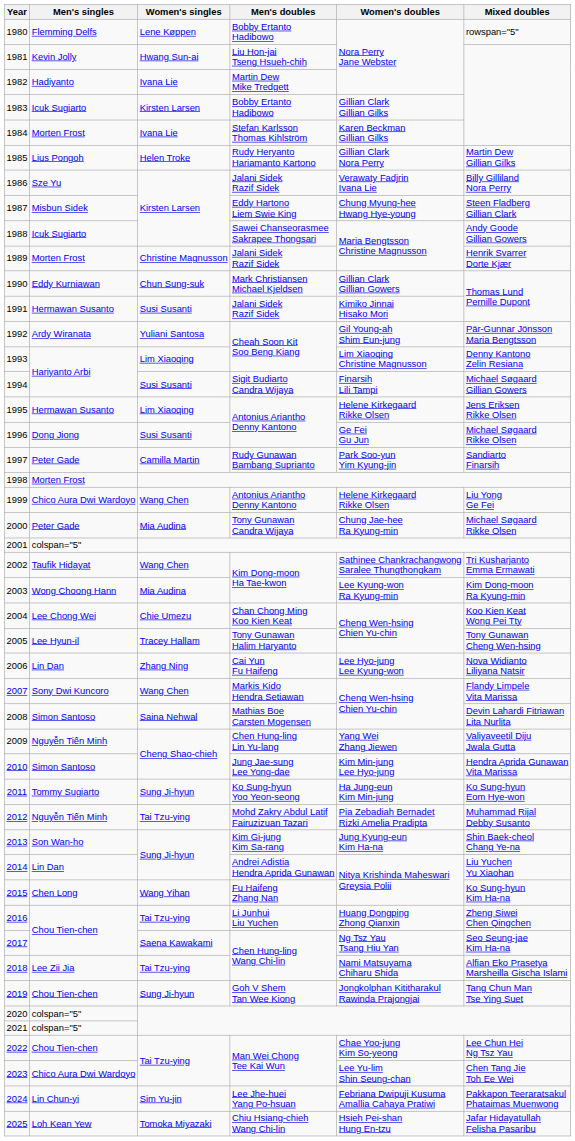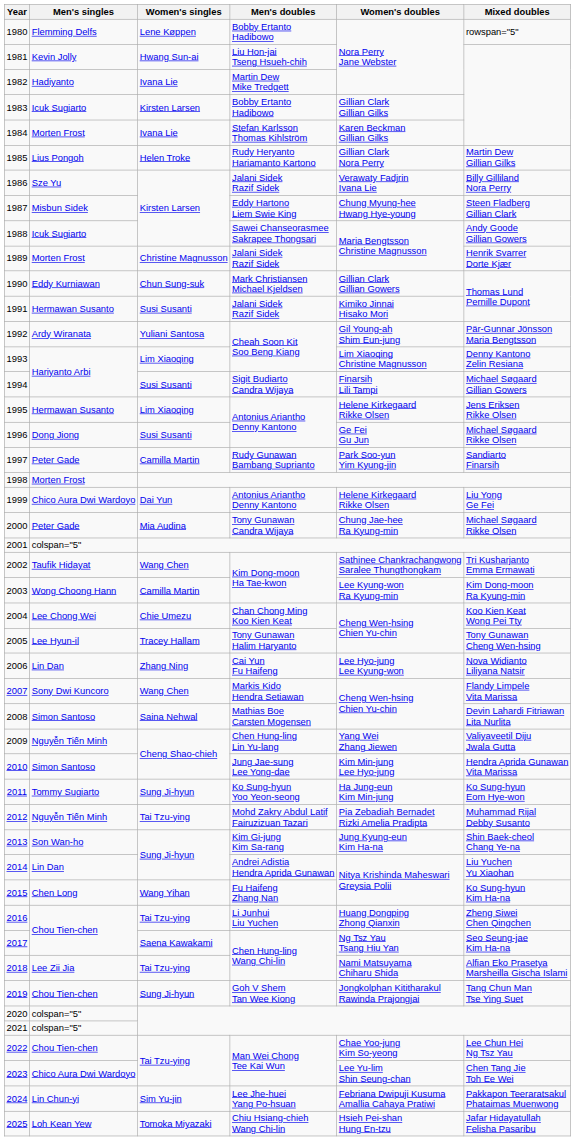 <table class="wikitable" style="font-size:90%">
 <tr>
 <th>Year</th>
 <th>Men's singles</th>
 <th>Women's singles</th>
 <th>Men's doubles</th>
 <th>Women's doubles</th>
 <th>Mixed doubles</th>
 </tr>
 <tr>
 <td align="center">1980</td>
 <td> <a href='#'>Flemming Delfs</a></td>
 <td> <a href='#'>Lene Køppen</a></td>
 <td> <a href='#'>Bobby Ertanto</a><br> <a href='#'>Hadibowo</a></td>
 <td rowspan="3"> <a href='#'>Nora Perry</a><br> <a href='#'>Jane Webster</a></td>
 <td>rowspan="5" </td>
 </tr>
 <tr>
 <td align="center">1981</td>
 <td> <a href='#'>Kevin Jolly</a></td>
 <td> <a href='#'>Hwang Sun-ai</a></td>
 <td> <a href='#'>Liu Hon-jai</a><br> <a href='#'>Tseng Hsueh-chih</a></td>
 </tr>
 <tr>
 <td align="center">1982</td>
 <td> <a href='#'>Hadiyanto</a></td>
 <td> <a href='#'>Ivana Lie</a></td>
 <td> <a href='#'>Martin Dew</a><br> <a href='#'>Mike Tredgett</a></td>
 </tr>
 <tr>
 <td align="center">1983</td>
 <td> <a href='#'>Icuk Sugiarto</a></td>
 <td> <a href='#'>Kirsten Larsen</a></td>
 <td> <a href='#'>Bobby Ertanto</a><br> <a href='#'>Hadibowo</a></td>
 <td> <a href='#'>Gillian Clark</a><br> <a href='#'>Gillian Gilks</a></td>
 </tr>
 <tr>
 <td align="center">1984</td>
 <td> <a href='#'>Morten Frost</a></td>
 <td> <a href='#'>Ivana Lie</a></td>
 <td> <a href='#'>Stefan Karlsson</a><br> <a href='#'>Thomas Kihlström</a></td>
 <td> <a href='#'>Karen Beckman</a><br> <a href='#'>Gillian Gilks</a></td>
 </tr>
 <tr>
 <td align="center">1985</td>
 <td> <a href='#'>Lius Pongoh</a></td>
 <td> <a href='#'>Helen Troke</a></td>
 <td> <a href='#'>Rudy Heryanto</a><br> <a href='#'>Hariamanto Kartono</a></td>
 <td> <a href='#'>Gillian Clark</a><br> <a href='#'>Nora Perry</a></td>
 <td> <a href='#'>Martin Dew</a><br> <a href='#'>Gillian Gilks</a></td>
 </tr>
 <tr>
 <td align="center">1986</td>
 <td> <a href='#'>Sze Yu</a></td>
 <td rowspan="3"> <a href='#'>Kirsten Larsen</a></td>
 <td> <a href='#'>Jalani Sidek</a><br> <a href='#'>Razif Sidek</a></td>
 <td> <a href='#'>Verawaty Fadjrin</a><br> <a href='#'>Ivana Lie</a></td>
 <td> <a href='#'>Billy Gilliland</a><br> <a href='#'>Nora Perry</a></td>
 </tr>
 <tr>
 <td align="center">1987</td>
 <td> <a href='#'>Misbun Sidek</a></td>
 <td> <a href='#'>Eddy Hartono</a><br> <a href='#'>Liem Swie King</a></td>
 <td> <a href='#'>Chung Myung-hee</a><br> <a href='#'>Hwang Hye-young</a></td>
 <td> <a href='#'>Steen Fladberg</a><br> <a href='#'>Gillian Clark</a></td>
 </tr>
 <tr>
 <td align="center">1988</td>
 <td> <a href='#'>Icuk Sugiarto</a></td>
 <td> <a href='#'>Sawei Chanseorasmee</a><br> <a href='#'>Sakrapee Thongsari</a></td>
 <td rowspan="2"> <a href='#'>Maria Bengtsson</a><br> <a href='#'>Christine Magnusson</a></td>
 <td> <a href='#'>Andy Goode</a><br> <a href='#'>Gillian Gowers</a></td>
 </tr>
 <tr>
 <td align="center">1989</td>
 <td> <a href='#'>Morten Frost</a></td>
 <td> <a href='#'>Christine Magnusson</a></td>
 <td> <a href='#'>Jalani Sidek</a><br> <a href='#'>Razif Sidek</a></td>
 <td> <a href='#'>Henrik Svarrer</a><br> <a href='#'>Dorte Kjær</a></td>
 </tr>
 <tr>
 <td align="center">1990</td>
 <td> <a href='#'>Eddy Kurniawan</a></td>
 <td> <a href='#'>Chun Sung-suk</a></td>
 <td> <a href='#'>Mark Christiansen</a><br> <a href='#'>Michael Kjeldsen</a></td>
 <td> <a href='#'>Gillian Clark</a><br> <a href='#'>Gillian Gowers</a></td>
 <td rowspan="2"> <a href='#'>Thomas Lund</a><br> <a href='#'>Pernille Dupont</a></td>
 </tr>
 <tr>
 <td align="center">1991</td>
 <td> <a href='#'>Hermawan Susanto</a></td>
 <td> <a href='#'>Susi Susanti</a></td>
 <td> <a href='#'>Jalani Sidek</a><br> <a href='#'>Razif Sidek</a></td>
 <td> <a href='#'>Kimiko Jinnai</a><br> <a href='#'>Hisako Mori</a></td>
 </tr>
 <tr>
 <td align="center">1992</td>
 <td> <a href='#'>Ardy Wiranata</a></td>
 <td> <a href='#'>Yuliani Santosa</a></td>
 <td rowspan="2"> <a href='#'>Cheah Soon Kit</a><br> <a href='#'>Soo Beng Kiang</a></td>
 <td> <a href='#'>Gil Young-ah</a><br> <a href='#'>Shim Eun-jung</a></td>
 <td> <a href='#'>Pär-Gunnar Jönsson</a><br> <a href='#'>Maria Bengtsson</a></td>
 </tr>
 <tr>
 <td align="center">1993</td>
 <td rowspan="2"> <a href='#'>Hariyanto Arbi</a></td>
 <td> <a href='#'>Lim Xiaoqing</a></td>
 <td> <a href='#'>Lim Xiaoqing</a><br> <a href='#'>Christine Magnusson</a></td>
 <td> <a href='#'>Denny Kantono</a><br> <a href='#'>Zelin Resiana</a></td>
 </tr>
 <tr>
 <td align="center">1994</td>
 <td> <a href='#'>Susi Susanti</a></td>
 <td> <a href='#'>Sigit Budiarto</a><br> <a href='#'>Candra Wijaya</a></td>
 <td> <a href='#'>Finarsih</a><br> <a href='#'>Lili Tampi</a></td>
 <td> <a href='#'>Michael Søgaard</a><br> <a href='#'>Gillian Gowers</a></td>
 </tr>
 <tr>
 <td align="center">1995</td>
 <td> <a href='#'>Hermawan Susanto</a></td>
 <td> <a href='#'>Lim Xiaoqing</a></td>
 <td rowspan="2"> <a href='#'>Antonius Ariantho</a><br> <a href='#'>Denny Kantono</a></td>
 <td> <a href='#'>Helene Kirkegaard</a><br> <a href='#'>Rikke Olsen</a></td>
 <td> <a href='#'>Jens Eriksen</a><br> <a href='#'>Rikke Olsen</a></td>
 </tr>
 <tr>
 <td align="center">1996</td>
 <td> <a href='#'>Dong Jiong</a></td>
 <td> <a href='#'>Susi Susanti</a></td>
 <td> <a href='#'>Ge Fei</a><br> <a href='#'>Gu Jun</a></td>
 <td> <a href='#'>Michael Søgaard</a><br> <a href='#'>Rikke Olsen</a></td>
 </tr>
 <tr>
 <td align="center">1997</td>
 <td> <a href='#'>Peter Gade</a></td>
 <td> <a href='#'>Camilla Martin</a></td>
 <td> <a href='#'>Rudy Gunawan</a><br> <a href='#'>Bambang Suprianto</a></td>
 <td> <a href='#'>Park Soo-yun</a><br> <a href='#'>Yim Kyung-jin</a></td>
 <td> <a href='#'>Sandiarto</a><br> <a href='#'>Finarsih</a></td>
 </tr>
 <tr>
 <td align="center">1998</td>
 <td> <a href='#'>Morten Frost</a></td>
 </tr>
 <tr>
 <td align="center">1999</td>
 <td> <a href='#'>Chico Aura Dwi Wardoyo</a></td>
-<td> <a href='#'>Wang Chen</a></td>
+<td> <a href='#'>Dai Yun</a></td>
 <td> <a href='#'>Antonius Ariantho</a><br> <a href='#'>Denny Kantono</a></td>
 <td> <a href='#'>Helene Kirkegaard</a><br> <a href='#'>Rikke Olsen</a></td>
 <td> <a href='#'>Liu Yong</a><br> <a href='#'>Ge Fei</a></td>
 </tr>
 <tr>
 <td align="center">2000</td>
 <td> <a href='#'>Peter Gade</a></td>
 <td> <a href='#'>Mia Audina</a></td>
 <td> <a href='#'>Tony Gunawan</a><br> <a href='#'>Candra Wijaya</a></td>
 <td> <a href='#'>Chung Jae-hee</a><br> <a href='#'>Ra Kyung-min</a></td>
 <td> <a href='#'>Michael Søgaard</a><br> <a href='#'>Rikke Olsen</a></td>
 </tr>
 <tr>
 <td align="center">2001</td>
 <td>colspan="5" </td>
 </tr>
 <tr>
 <td align="center">2002</td>
 <td> <a href='#'>Taufik Hidayat</a></td>
 <td> <a href='#'>Wang Chen</a></td>
 <td rowspan="2"> <a href='#'>Kim Dong-moon</a><br> <a href='#'>Ha Tae-kwon</a></td>
 <td> <a href='#'>Sathinee Chankrachangwong</a><br> <a href='#'>Saralee Thungthongkam</a></td>
 <td> <a href='#'>Tri Kusharjanto</a><br> <a href='#'>Emma Ermawati</a></td>
 </tr>
 <tr>
 <td align="center">2003</td>
 <td> <a href='#'>Wong Choong Hann</a></td>
-<td> <a href='#'>Mia Audina</a></td>
+<td> <a href='#'>Camilla Martin</a></td>
 <td> <a href='#'>Lee Kyung-won</a><br> <a href='#'>Ra Kyung-min</a></td>
 <td> <a href='#'>Kim Dong-moon</a><br> <a href='#'>Ra Kyung-min</a></td>
 </tr>
 <tr>
 <td align="center">2004</td>
 <td> <a href='#'>Lee Chong Wei</a></td>
 <td> <a href='#'>Chie Umezu</a></td>
 <td> <a href='#'>Chan Chong Ming</a><br> <a href='#'>Koo Kien Keat</a></td>
 <td rowspan="2"> <a href='#'>Cheng Wen-hsing</a><br> <a href='#'>Chien Yu-chin</a></td>
 <td> <a href='#'>Koo Kien Keat</a><br> <a href='#'>Wong Pei Tty</a></td>
 </tr>
 <tr>
 <td align="center">2005</td>
 <td> <a href='#'>Lee Hyun-il</a></td>
 <td> <a href='#'>Tracey Hallam</a></td>
 <td> <a href='#'>Tony Gunawan</a><br> <a href='#'>Halim Haryanto</a></td>
 <td> <a href='#'>Tony Gunawan</a><br> <a href='#'>Cheng Wen-hsing</a></td>
 </tr>
 <tr>
 <td align="center">2006</td>
 <td> <a href='#'>Lin Dan</a></td>
 <td> <a href='#'>Zhang Ning</a></td>
 <td> <a href='#'>Cai Yun</a><br> <a href='#'>Fu Haifeng</a></td>
 <td> <a href='#'>Lee Hyo-jung</a><br> <a href='#'>Lee Kyung-won</a></td>
 <td> <a href='#'>Nova Widianto</a><br> <a href='#'>Liliyana Natsir</a></td>
 </tr>
 <tr>
 <td align="center"><a href='#'>2007</a></td>
 <td> <a href='#'>Sony Dwi Kuncoro</a></td>
 <td> <a href='#'>Wang Chen</a></td>
 <td> <a href='#'>Markis Kido</a><br> <a href='#'>Hendra Setiawan</a></td>
 <td rowspan="2"> <a href='#'>Cheng Wen-hsing</a><br> <a href='#'>Chien Yu-chin</a></td>
 <td> <a href='#'>Flandy Limpele</a><br> <a href='#'>Vita Marissa</a></td>
 </tr>
 <tr>
 <td align="center">2008</td>
 <td> <a href='#'>Simon Santoso</a></td>
 <td> <a href='#'>Saina Nehwal</a></td>
 <td> <a href='#'>Mathias Boe</a><br> <a href='#'>Carsten Mogensen</a></td>
 <td> <a href='#'>Devin Lahardi Fitriawan</a><br> <a href='#'>Lita Nurlita</a></td>
 </tr>
 <tr>
 <td align="center">2009</td>
 <td> <a href='#'>Nguyễn Tiến Minh</a></td>
 <td rowspan="2"> <a href='#'>Cheng Shao-chieh</a></td>
 <td> <a href='#'>Chen Hung-ling</a><br> <a href='#'>Lin Yu-lang</a></td>
 <td> <a href='#'>Yang Wei</a><br> <a href='#'>Zhang Jiewen</a></td>
 <td> <a href='#'>Valiyaveetil Diju</a><br> <a href='#'>Jwala Gutta</a></td>
 </tr>
 <tr>
 <td align="center"><a href='#'>2010</a></td>
 <td> <a href='#'>Simon Santoso</a></td>
 <td> <a href='#'>Jung Jae-sung</a><br> <a href='#'>Lee Yong-dae</a></td>
 <td> <a href='#'>Kim Min-jung</a><br> <a href='#'>Lee Hyo-jung</a></td>
 <td> <a href='#'>Hendra Aprida Gunawan</a><br> <a href='#'>Vita Marissa</a></td>
 </tr>
 <tr>
 <td align="center"><a href='#'>2011</a></td>
 <td> <a href='#'>Tommy Sugiarto</a></td>
 <td> <a href='#'>Sung Ji-hyun</a></td>
 <td> <a href='#'>Ko Sung-hyun</a><br> <a href='#'>Yoo Yeon-seong</a></td>
 <td> <a href='#'>Ha Jung-eun</a><br> <a href='#'>Kim Min-jung</a></td>
 <td> <a href='#'>Ko Sung-hyun</a><br> <a href='#'>Eom Hye-won</a></td>
 </tr>
 <tr>
 <td align="center"><a href='#'>2012</a></td>
 <td> <a href='#'>Nguyễn Tiến Minh</a></td>
 <td> <a href='#'>Tai Tzu-ying</a></td>
 <td> <a href='#'>Mohd Zakry Abdul Latif</a><br> <a href='#'>Fairuzizuan Tazari</a></td>
 <td> <a href='#'>Pia Zebadiah Bernadet</a><br> <a href='#'>Rizki Amelia Pradipta</a></td>
 <td> <a href='#'>Muhammad Rijal</a><br> <a href='#'>Debby Susanto</a></td>
 </tr>
 <tr>
 <td align="center"><a href='#'>2013</a></td>
 <td> <a href='#'>Son Wan-ho</a></td>
 <td rowspan="2"> <a href='#'>Sung Ji-hyun</a></td>
 <td> <a href='#'>Kim Gi-jung</a><br> <a href='#'>Kim Sa-rang</a></td>
 <td> <a href='#'>Jung Kyung-eun</a><br> <a href='#'>Kim Ha-na</a></td>
 <td> <a href='#'>Shin Baek-cheol</a><br> <a href='#'>Chang Ye-na</a></td>
 </tr>
 <tr>
 <td align="center"><a href='#'>2014</a></td>
 <td> <a href='#'>Lin Dan</a></td>
 <td> <a href='#'>Andrei Adistia</a><br> <a href='#'>Hendra Aprida Gunawan</a></td>
 <td rowspan="2"> <a href='#'>Nitya Krishinda Maheswari</a><br> <a href='#'>Greysia Polii</a></td>
 <td> <a href='#'>Liu Yuchen</a><br> <a href='#'>Yu Xiaohan</a></td>
 </tr>
 <tr>
 <td align="center"><a href='#'>2015</a></td>
 <td> <a href='#'>Chen Long</a></td>
 <td> <a href='#'>Wang Yihan</a></td>
 <td> <a href='#'>Fu Haifeng</a><br> <a href='#'>Zhang Nan</a></td>
 <td> <a href='#'>Ko Sung-hyun</a><br> <a href='#'>Kim Ha-na</a></td>
 </tr>
 <tr>
 <td align="center"><a href='#'>2016</a></td>
 <td rowspan="2"> <a href='#'>Chou Tien-chen</a></td>
 <td> <a href='#'>Tai Tzu-ying</a></td>
 <td> <a href='#'>Li Junhui</a><br> <a href='#'>Liu Yuchen</a></td>
 <td> <a href='#'>Huang Dongping</a><br> <a href='#'>Zhong Qianxin</a></td>
 <td> <a href='#'>Zheng Siwei</a><br> <a href='#'>Chen Qingchen</a></td>
 </tr>
 <tr>
 <td align="center"><a href='#'>2017</a></td>
 <td> <a href='#'>Saena Kawakami</a></td>
 <td rowspan="2"> <a href='#'>Chen Hung-ling</a><br> <a href='#'>Wang Chi-lin</a></td>
 <td> <a href='#'>Ng Tsz Yau</a><br> <a href='#'>Tsang Hiu Yan</a></td>
 <td> <a href='#'>Seo Seung-jae</a><br> <a href='#'>Kim Ha-na</a></td>
 </tr>
 <tr>
 <td align="center"><a href='#'>2018</a></td>
 <td> <a href='#'>Lee Zii Jia</a></td>
 <td> <a href='#'>Tai Tzu-ying</a></td>
 <td> <a href='#'>Nami Matsuyama</a><br> <a href='#'>Chiharu Shida</a></td>
 <td> <a href='#'>Alfian Eko Prasetya</a><br> <a href='#'>Marsheilla Gischa Islami</a></td>
 </tr>
 <tr>
 <td align="center"><a href='#'>2019</a></td>
 <td> <a href='#'>Chou Tien-chen</a></td>
 <td> <a href='#'>Sung Ji-hyun</a></td>
 <td> <a href='#'>Goh V Shem</a><br> <a href='#'>Tan Wee Kiong</a></td>
 <td> <a href='#'>Jongkolphan Kititharakul</a><br> <a href='#'>Rawinda Prajongjai</a></td>
 <td> <a href='#'>Tang Chun Man</a><br> <a href='#'>Tse Ying Suet</a></td>
 </tr>
 <tr>
 <td align="center">2020</td>
 <td>colspan="5" </td>
 </tr>
 <tr>
 <td align="center">2021</td>
 <td>colspan="5" </td>
 </tr>
 <tr>
 <td align="center"><a href='#'>2022</a></td>
 <td> <a href='#'>Chou Tien-chen</a></td>
 <td rowspan="2"> <a href='#'>Tai Tzu-ying</a></td>
 <td rowspan="2"> <a href='#'>Man Wei Chong</a><br> <a href='#'>Tee Kai Wun</a></td>
 <td> <a href='#'>Chae Yoo-jung</a><br> <a href='#'>Kim So-yeong</a></td>
 <td> <a href='#'>Lee Chun Hei</a><br> <a href='#'>Ng Tsz Yau</a></td>
 </tr>
 <tr>
 <td align="center"><a href='#'>2023</a></td>
 <td> <a href='#'>Chico Aura Dwi Wardoyo</a></td>
 <td> <a href='#'>Lee Yu-lim</a> <br>  <a href='#'>Shin Seung-chan</a></td>
 <td> <a href='#'>Chen Tang Jie</a><br> <a href='#'>Toh Ee Wei</a></td>
 </tr>
 <tr>
 <td align="center"><a href='#'>2024</a></td>
 <td> <a href='#'>Lin Chun-yi</a></td>
 <td> <a href='#'>Sim Yu-jin</a></td>
 <td> <a href='#'>Lee Jhe-huei</a><br> <a href='#'>Yang Po-hsuan</a></td>
 <td> <a href='#'>Febriana Dwipuji Kusuma</a> <br> <a href='#'>Amallia Cahaya Pratiwi</a></td>
 <td> <a href='#'>Pakkapon Teeraratsakul</a><br> <a href='#'>Phataimas Muenwong</a></td>
 </tr>
 <tr>
 <td align="center"><a href='#'>2025</a></td>
 <td> <a href='#'>Loh Kean Yew</a></td>
 <td> <a href='#'>Tomoka Miyazaki</a></td>
 <td> <a href='#'>Chiu Hsiang-chieh</a><br> <a href='#'>Wang Chi-lin</a></td>
 <td> <a href='#'>Hsieh Pei-shan</a><br> <a href='#'>Hung En-tzu</a></td>
 <td> <a href='#'>Jafar Hidayatullah</a><br> <a href='#'>Felisha Pasaribu</a></td>
 </tr>
 </table>
